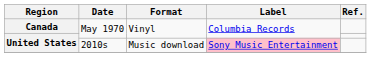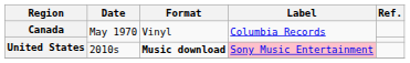 <table class="wikitable plainrowheaders">
 <tr>
 <th scope="col">Region</th>
 <th scope="col">Date</th>
 <th scope="col">Format</th>
 <th scope="col">Label</th>
 <th scope="col">Ref.</th>
 </tr>
 <tr>
 <th scope="row">Canada</th>
 <td rowspan="2">May 1970</td>
 <td rowspan="2">Vinyl</td>
 <td rowspan="2"><a href='#'>Columbia Records</a></td>
 <td></td>
 </tr>
 <tr>
 <th scope="row" rowspan="2">United States</th>
 <td></td>
 </tr>
 <tr>
 <td>2010s</td>
-<td>Music download</td>
+<td><strong>Music download</strong></td>
 <td style="background: pink;"><a href='#'>Sony Music Entertainment</a></td>
 <td></td>
 </tr>
 <tr>
 </tr>
 </table>
